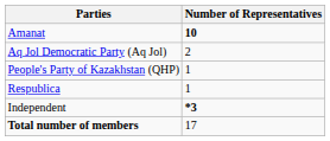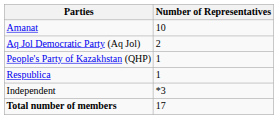 <table class="wikitable">
 <tr>
 <th>Parties</th>
 <th>Number of Representatives</th>
 </tr>
 <tr>
 <td><a href='#'>Amanat</a></td>
-<td><strong>10</strong></td>
+<td>10</td>
 </tr>
 <tr>
 <td><a href='#'>Aq Jol Democratic Party</a> (Aq Jol)</td>
 <td>2</td>
 </tr>
 <tr>
 <td><a href='#'>People's Party of Kazakhstan</a> (QHP)</td>
 <td>1</td>
 </tr>
 <tr>
 <td><a href='#'>Respublica</a></td>
 <td>1</td>
 </tr>
 <tr>
 <td>Independent</td>
-<td><strong>*3</strong></td>
+<td>*3</td>
 </tr>
 <tr>
 <td><strong>Total number of members</strong></td>
 <td>17</td>
 </tr>
 </table>
